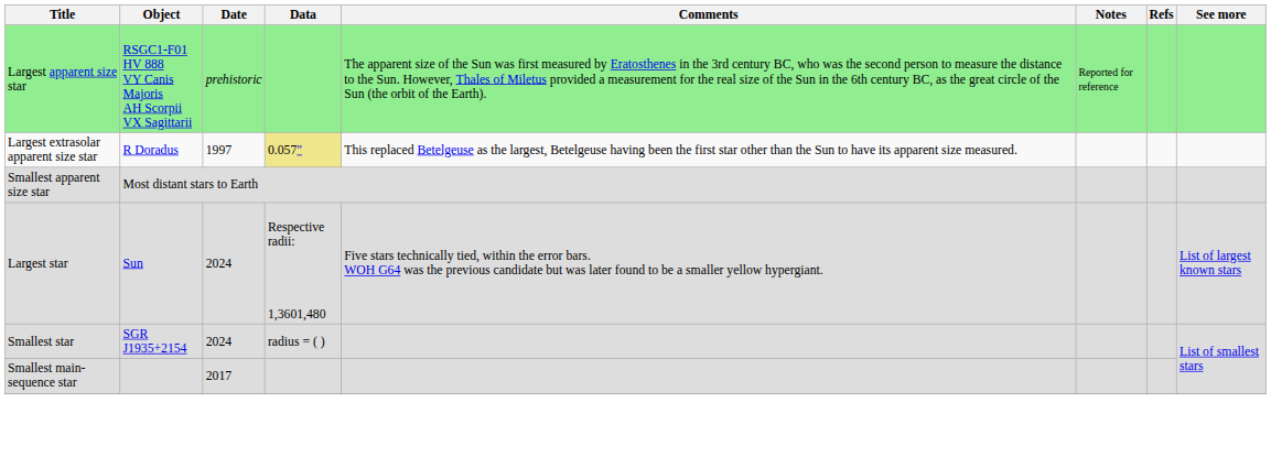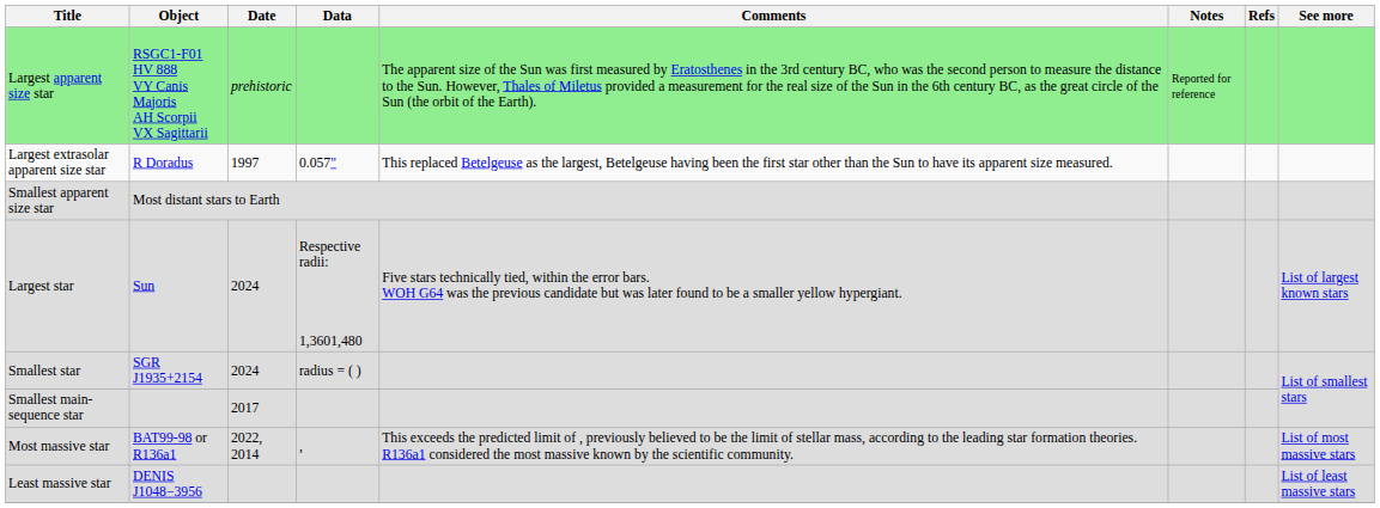 <table class="wikitable" border="1">
 <tr>
 <th>Title</th>
 <th>Object</th>
 <th>Date</th>
 <th>Data</th>
 <th>Comments</th>
 <th>Notes</th>
 <th>Refs</th>
 <th>See more</th>
 </tr>
 <tr style="background:lightgreen;">
 <td>Largest <a href='#'>apparent size</a> star</td>
 <td><br><a href='#'>RSGC1-F01</a><br><a href='#'>HV 888</a><br><a href='#'>VY Canis Majoris</a><br><a href='#'>AH Scorpii</a><br><a href='#'>VX Sagittarii</a></td>
 <td><em>prehistoric</em><br></td>
 <td></td>
 <td>The apparent size of the Sun was first measured by <a href='#'>Eratosthenes</a> in the 3rd century BC, who was the second person to measure the distance to the Sun. However, <a href='#'>Thales of Miletus</a> provided a measurement for the real size of the Sun in the 6th century BC, as  the great circle of the Sun (the orbit of the Earth).</td>
 <td><small> Reported for reference </small><br></td>
 <td></td>
 <td></td>
 </tr>
 <tr>
 <td>Largest extrasolar apparent size star</td>
 <td><a href='#'>R Doradus</a></td>
 <td>1997</td>
-<td style="background: khaki;">0.057<a href='#'>"</a></td>
+<td>0.057<a href='#'>"</a></td>
 <td>This replaced <a href='#'>Betelgeuse</a> as the largest, Betelgeuse having been the first star other than the Sun to have its apparent size measured.</td>
 <td></td>
 <td></td>
 <td></td>
 </tr>
 <tr bgcolor=#dddddd>
 <td>Smallest apparent size star</td>
 <td colspan="4">Most distant stars to Earth</td>
 <td></td>
 <td></td>
 <td></td>
 </tr>
 <tr bgcolor=#dddddd>
 <td>Largest star</td>
 <td><a href='#'>Sun</a></td>
 <td>2024</td>
 <td><br>Respective radii:<br>   <br>  <br>  <br>  <br>1,3601,480 </td>
 <td>Five stars technically tied, within the error bars.<br><a href='#'>WOH G64</a> was the previous candidate but was later found to be a smaller yellow hypergiant.</td>
 <td></td>
 <td></td>
 <td><a href='#'>List of largest known stars</a></td>
 </tr>
 <tr bgcolor=#dddddd>
 <td>Smallest star</td>
 <td><a href='#'>SGR J1935+2154</a></td>
 <td>2024</td>
 <td>radius = ( )</td>
 <td></td>
 <td></td>
 <td></td>
 <td rowspan="2"><a href='#'>List of smallest stars</a></td>
 </tr>
 <tr bgcolor="#dddddd">
 <td>Smallest main-sequence star</td>
 <td></td>
 <td>2017</td>
 <td></td>
 <td></td>
 <td></td>
 <td></td>
 </tr>
+<tr bgcolor=#dddddd>
+<td>Most massive star</td>
+<td><a href='#'>BAT99-98</a> or <a href='#'>R136a1</a></td>
+<td>2022, 2014</td>
+<td>, </td>
+<td>This exceeds the predicted limit of , previously believed to be the limit of stellar mass, according to the leading star formation theories. <a href='#'>R136a1</a> considered the most massive known by the scientific community.</td>
+<td></td>
+<td></td>
+<td><a href='#'>List of most massive stars</a></td>
+</tr>
+<tr bgcolor=#dddddd>
+<td>Least massive star</td>
+<td><a href='#'>DENIS J1048−3956</a></td>
+<td></td>
+<td></td>
+<td></td>
+<td></td>
+<td></td>
+<td><a href='#'>List of least massive stars</a></td>
+</tr>
 <tr>
 </tr>
 </table>
